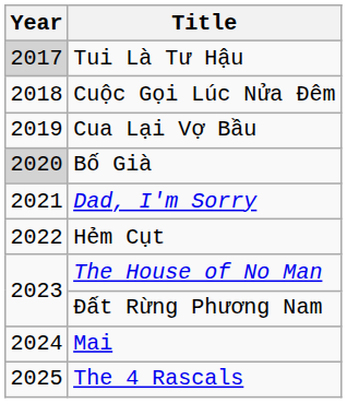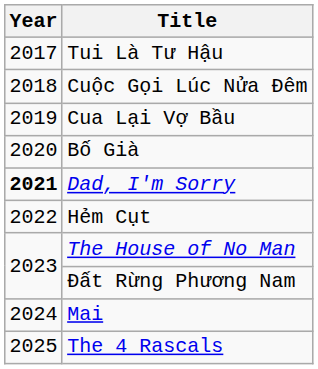 <table class="wikitable">
 <tr>
 <th>Year</th>
 <th>Title</th>
 </tr>
 <tr>
-<td style="background: lightgrey;">2017</td>
+<td>2017</td>
 <td>Tui Là Tư Hậu</td>
 </tr>
 <tr>
 <td>2018</td>
 <td>Cuộc Gọi Lúc Nửa Đêm</td>
 </tr>
 <tr>
 <td>2019</td>
 <td>Cua Lại Vợ Bầu</td>
 </tr>
 <tr>
-<td style="background: lightgrey;">2020</td>
+<td>2020</td>
 <td>Bố Già</td>
 </tr>
 <tr>
-<td>2021</td>
+<td><strong>2021</strong></td>
 <td><em><a href='#'>Dad, I'm Sorry</a></em></td>
 </tr>
 <tr>
 <td>2022</td>
 <td>Hẻm Cụt</td>
 </tr>
 <tr>
 <td rowspan="2">2023</td>
 <td><em><a href='#'>The House of No Man</a></em></td>
 </tr>
 <tr>
 <td>Đất Rừng Phương Nam</td>
 </tr>
 <tr>
 <td>2024</td>
 <td><a href='#'>Mai</a><em></td>
 </tr>
 <tr>
 <td>2025</td>
 <td></em><a href='#'>The 4 Rascals</a><em></td>
 </tr>
 </table>
